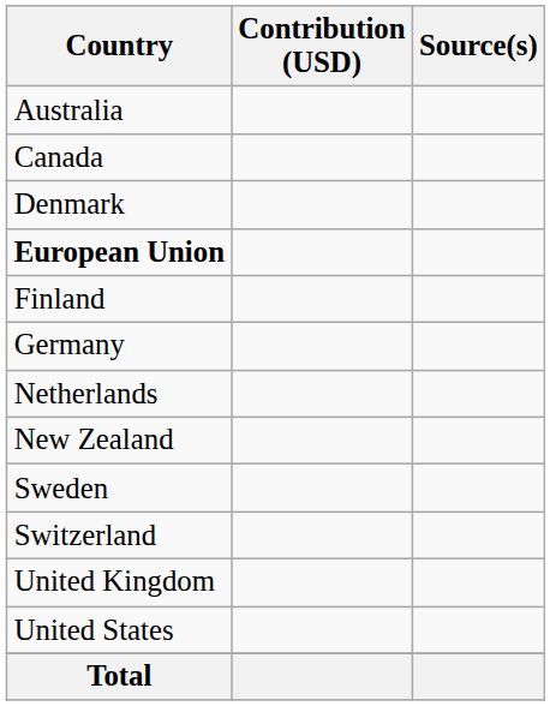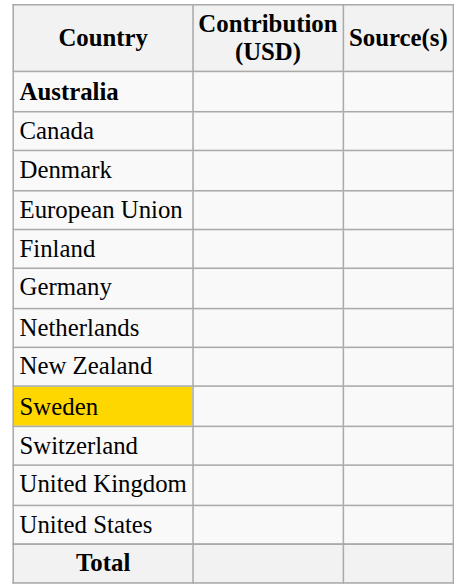 <table class="wikitable sortable" style="float:right; margin:0 0 0.5em 1em; float:right;">
 <tr style="text-align:center;">
 <th><strong>Country</strong></th>
 <th>Contribution<br>(USD)</th>
 <th ! class="unsortable">Source(s)</th>
 </tr>
 <tr>
-<td>Australia</td>
+<td><strong>Australia</strong></td>
 <td></td>
 <td></td>
 </tr>
 <tr>
 <td>Canada</td>
 <td></td>
 <td></td>
 </tr>
 <tr>
 <td>Denmark</td>
 <td></td>
 <td></td>
 </tr>
 <tr>
-<td><strong>European Union</strong></td>
+<td>European Union</td>
 <td></td>
 <td></td>
 </tr>
 <tr>
 <td>Finland</td>
 <td></td>
 <td></td>
 </tr>
 <tr>
 <td>Germany</td>
 <td></td>
 <td></td>
 </tr>
 <tr>
 <td>Netherlands</td>
 <td></td>
 <td></td>
 </tr>
 <tr>
 <td>New Zealand</td>
 <td></td>
 <td></td>
 </tr>
 <tr>
-<td>Sweden</td>
+<td style="background: gold;">Sweden</td>
 <td></td>
 <td></td>
 </tr>
 <tr>
 <td>Switzerland</td>
 <td></td>
 <td></td>
 </tr>
 <tr>
 <td>United Kingdom</td>
 <td></td>
 <td></td>
 </tr>
 <tr>
 <td>United States</td>
 <td></td>
 <td></td>
 </tr>
 <tr>
 </tr>
 <tr class="sortbottom">
 <th>Total</th>
 <th></th>
 <th></th>
 </tr>
 </table>
